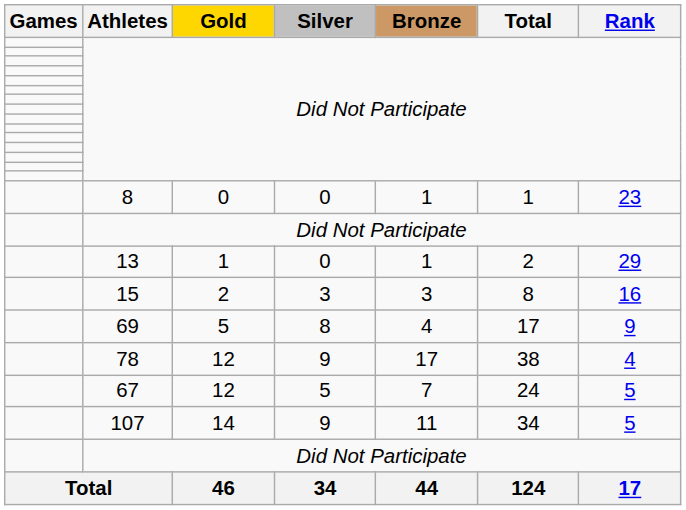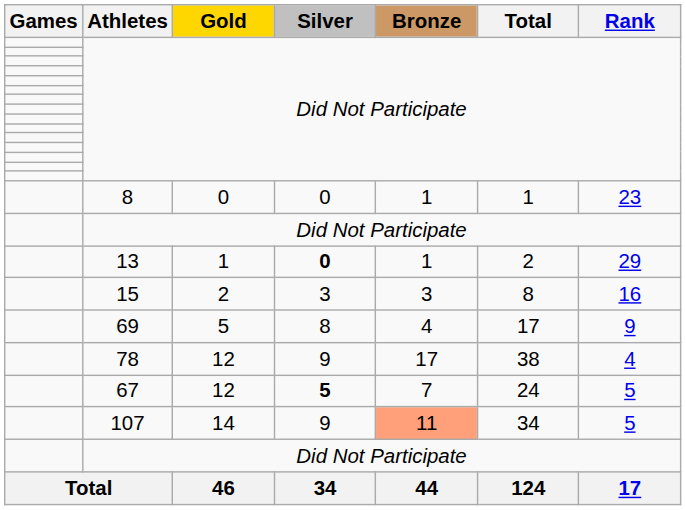 <table class="wikitable sortable" style="text-align:center; font-size:90%;">
 <tr>
 <th>Games</th>
 <th>Athletes</th>
 <th style="background:gold; width:4.5em; font-weight:bold;">Gold</th>
 <th style="background:silver; width:4.5em; font-weight:bold;">Silver</th>
 <th style="background:#cc9966; width:4.5em; font-weight:bold;">Bronze</th>
 <th style="width:4.5em; font-weight:bold;">Total</th>
 <th style="width:4.5em; font-weight:bold;"><a href='#'>Rank</a></th>
 </tr>
 <tr>
 <td align=left></td>
 <td rowspan=15 colspan=6><em>Did Not Participate</em></td>
 </tr>
 <tr>
 <td align=left></td>
 </tr>
 <tr>
 <td align=left></td>
 </tr>
 <tr>
 <td align=left></td>
 </tr>
 <tr>
 <td align=left></td>
 </tr>
 <tr>
 <td align=left></td>
 </tr>
 <tr>
 <td align=left></td>
 </tr>
 <tr>
 <td align=left></td>
 </tr>
 <tr>
 <td align=left></td>
 </tr>
 <tr>
 <td align=left></td>
 </tr>
 <tr>
 <td align=left></td>
 </tr>
 <tr>
 <td align=left></td>
 </tr>
 <tr>
 <td align=left></td>
 </tr>
 <tr>
 <td align=left></td>
 </tr>
 <tr>
 <td align=left></td>
 </tr>
 <tr>
 <td align=left></td>
 <td>8</td>
 <td>0</td>
 <td>0</td>
 <td>1</td>
 <td>1</td>
 <td><a href='#'>23</a></td>
 </tr>
 <tr>
 <td align=left></td>
 <td rowspan=1 colspan=6><em>Did Not Participate</em></td>
 </tr>
 <tr>
 <td align=left></td>
 <td>13</td>
 <td>1</td>
-<td>0</td>
+<td><strong>0</strong></td>
 <td>1</td>
 <td>2</td>
 <td><a href='#'>29</a></td>
 </tr>
 <tr>
 <td align=left></td>
 <td>15</td>
 <td>2</td>
 <td>3</td>
 <td>3</td>
 <td>8</td>
 <td><a href='#'>16</a></td>
 </tr>
 <tr>
 <td align=left></td>
 <td>69</td>
 <td>5</td>
 <td>8</td>
 <td>4</td>
 <td>17</td>
 <td><a href='#'>9</a></td>
 </tr>
 <tr>
 <td align=left></td>
 <td>78</td>
 <td>12</td>
 <td>9</td>
 <td>17</td>
 <td>38</td>
 <td><a href='#'>4</a></td>
 </tr>
 <tr>
 <td align=left></td>
 <td>67</td>
 <td>12</td>
-<td>5</td>
+<td><strong>5</strong></td>
 <td>7</td>
 <td>24</td>
 <td><a href='#'>5</a></td>
 </tr>
 <tr>
 <td align=left></td>
 <td>107</td>
 <td>14</td>
 <td>9</td>
-<td>11</td>
+<td style="background: lightsalmon;">11</td>
 <td>34</td>
 <td><a href='#'>5</a></td>
 </tr>
 <tr>
 <td align=left></td>
 <td rowspan=1 colspan=6><em>Did Not Participate</em></td>
 </tr>
 <tr>
 <th colspan=2>Total</th>
 <th>46</th>
 <th>34</th>
 <th>44</th>
 <th>124</th>
 <th><a href='#'>17</a></th>
 </tr>
 </table>
